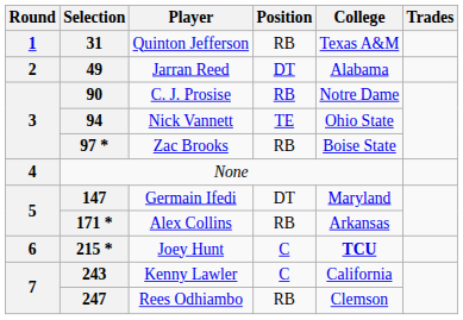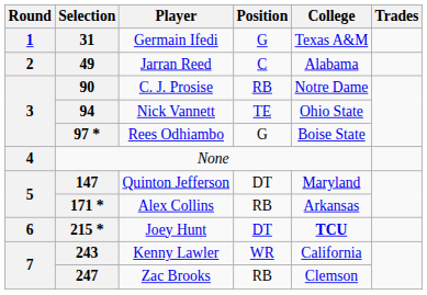 <table class="wikitable" style="text-align:center">
 <tr>
 <th>Round</th>
 <th>Selection</th>
 <th>Player</th>
 <th>Position</th>
 <th>College</th>
 <th>Trades</th>
 </tr>
 <tr>
 <th><a href='#'>1</a></th>
 <th>31</th>
-<td><a href='#'>Quinton Jefferson</a></td>
-<td>RB</td>
+<td><a href='#'>Germain Ifedi</a></td>
+<td><a href='#'>G</a></td>
 <td><a href='#'>Texas A&M</a></td>
 <td></td>
 </tr>
 <tr>
 <th>2</th>
 <th>49</th>
 <td><a href='#'>Jarran Reed</a></td>
-<td><a href='#'>DT</a></td>
+<td><a href='#'>C</a></td>
 <td><a href='#'>Alabama</a></td>
 <td></td>
 </tr>
 <tr>
 <th rowspan=3>3</th>
 <th>90</th>
 <td><a href='#'>C. J. Prosise</a></td>
 <td><a href='#'>RB</a></td>
 <td><a href='#'>Notre Dame</a></td>
 <td rowspan=3></td>
 </tr>
 <tr>
 <th>94</th>
 <td><a href='#'>Nick Vannett</a></td>
 <td><a href='#'>TE</a></td>
 <td><a href='#'>Ohio State</a></td>
 </tr>
 <tr>
 <th>97 *</th>
-<td><a href='#'>Zac Brooks</a></td>
-<td>RB</td>
+<td><a href='#'>Rees Odhiambo</a></td>
+<td>G</td>
 <td><a href='#'>Boise State</a></td>
 </tr>
 <tr>
 <th>4</th>
 <td colspan=4 align=center><em>None</em></td>
 <td></td>
 </tr>
 <tr>
 <th rowspan=2>5</th>
 <th>147</th>
-<td><a href='#'>Germain Ifedi</a></td>
+<td><a href='#'>Quinton Jefferson</a></td>
 <td>DT</td>
 <td><a href='#'>Maryland</a></td>
 <td rowspan=2> </td>
 </tr>
 <tr>
 <th>171 *</th>
 <td><a href='#'>Alex Collins</a></td>
 <td>RB</td>
 <td><a href='#'>Arkansas</a></td>
 </tr>
 <tr>
 <th>6</th>
 <th>215 *</th>
 <td><a href='#'>Joey Hunt</a></td>
-<td><a href='#'>C</a></td>
+<td><a href='#'>DT</a></td>
 <td><strong><a href='#'>TCU</a></strong></td>
 <td></td>
 </tr>
 <tr>
 <th rowspan=2>7</th>
 <th>243</th>
 <td><a href='#'>Kenny Lawler</a></td>
-<td><a href='#'>C</a></td>
+<td><a href='#'>WR</a></td>
 <td><a href='#'>California</a></td>
 <td rowspan=2></td>
 </tr>
 <tr>
 <th>247</th>
-<td><a href='#'>Rees Odhiambo</a></td>
+<td><a href='#'>Zac Brooks</a></td>
 <td>RB</td>
 <td><a href='#'>Clemson</a></td>
 </tr>
 </table>
